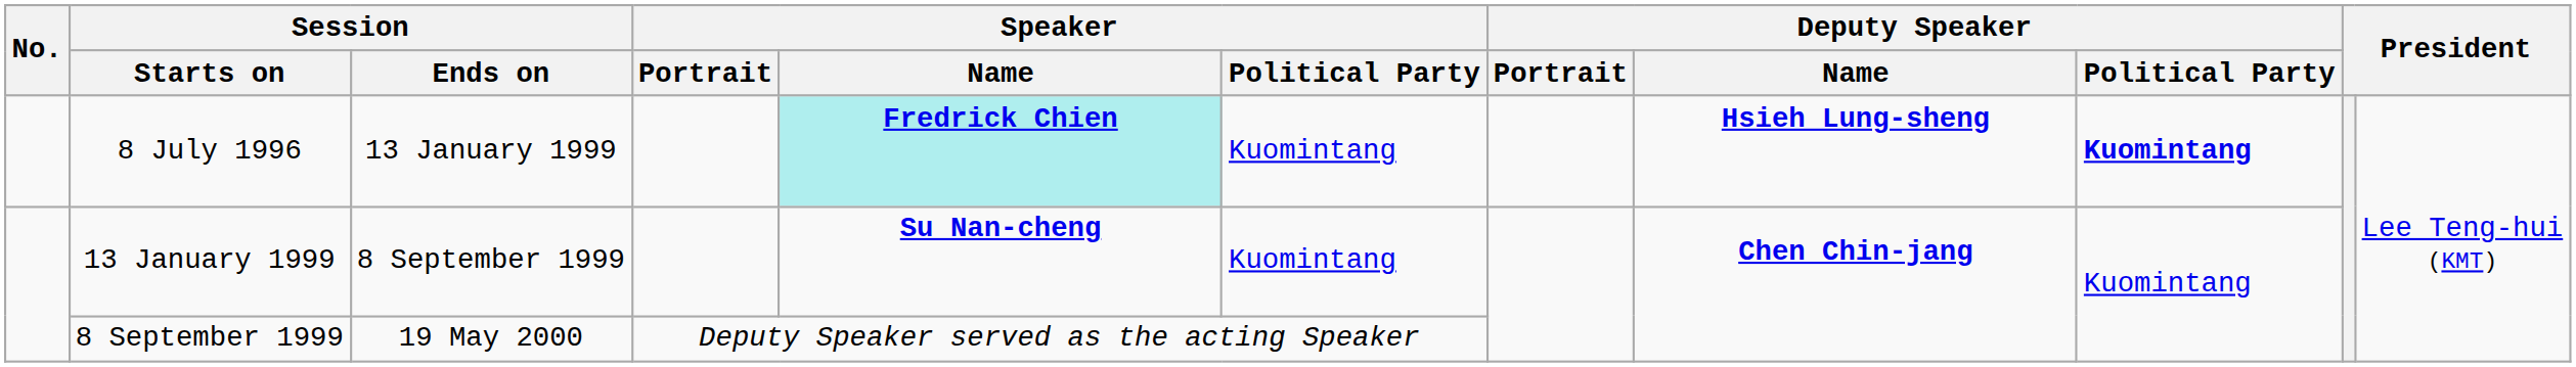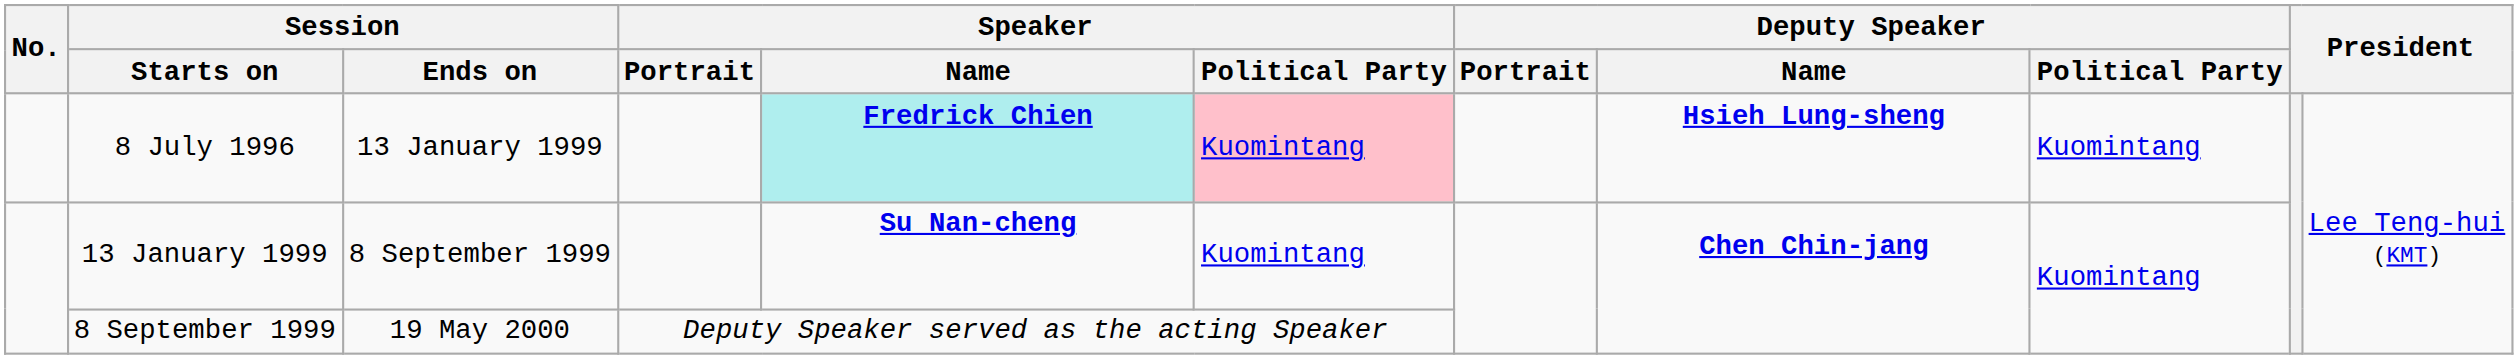 <table class="wikitable" style="text-align:center;">
 <tr>
 <th rowspan=2>No.</th>
 <th colspan=2>Session</th>
 <th colspan=3>Speaker</th>
 <th colspan=3>Deputy Speaker</th>
 <th rowspan=2 colspan=2 width="width:200px">President</th>
 </tr>
 <tr>
 <th>Starts on</th>
 <th>Ends on</th>
 <th>Portrait</th>
 <th width=200>Name<br></th>
 <th>Political Party</th>
 <th>Portrait</th>
 <th width=200>Name<br></th>
 <th>Political Party</th>
 </tr>
 <tr>
 <td bgcolor=><strong></strong></td>
 <td>8 July 1996</td>
 <td>13 January 1999</td>
 <td></td>
 <td style="background: paleturquoise;"><strong><a href='#'>Fredrick Chien</a></strong><br><br><br></td>
-<td align=left><a href='#'>Kuomintang</a></td>
+<td align=left style="background: pink;"><a href='#'>Kuomintang</a></td>
 <td></td>
 <td><strong><a href='#'>Hsieh Lung-sheng</a></strong><br><br><br></td>
-<td align=left><strong><a href='#'>Kuomintang</a></strong></td>
+<td align=left><a href='#'>Kuomintang</a></td>
 <th rowspan=3 style="background:"></th>
 <td rowspan=3><br><a href='#'>Lee Teng-hui</a><br><small>(<a href='#'>KMT</a>)</small></td>
 </tr>
 <tr>
 <td rowspan=2 bgcolor=><strong></strong></td>
 <td>13 January 1999</td>
 <td>8 September 1999</td>
 <td></td>
 <td><strong><a href='#'>Su Nan-cheng</a></strong><br><br><br></td>
 <td align=left><a href='#'>Kuomintang</a></td>
 <td rowspan=2></td>
 <td rowspan=2><strong><a href='#'>Chen Chin-jang</a></strong><br><br><br></td>
 <td rowspan=2 align=left><a href='#'>Kuomintang</a></td>
 </tr>
 <tr>
 <td>8 September 1999</td>
 <td>19 May 2000</td>
 <td colspan=3><em>Deputy Speaker served as the acting Speaker</em></td>
 </tr>
 </table>
